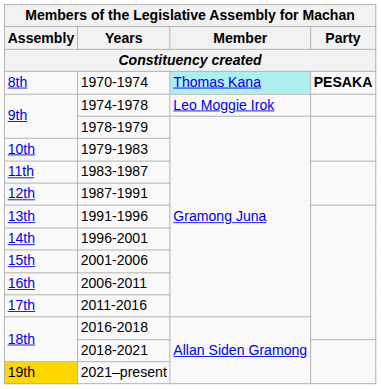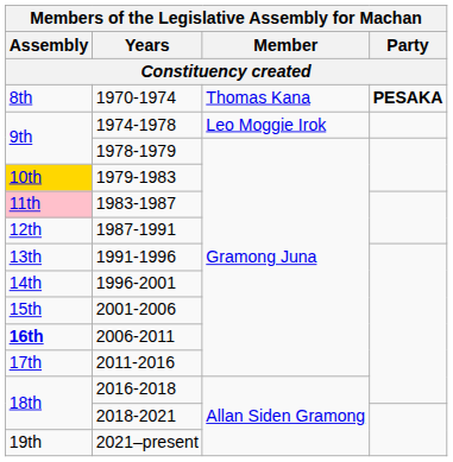 <table class=wikitable>
 <tr>
 <th colspan="4">Members of the Legislative Assembly for Machan</th>
 </tr>
 <tr>
 <th>Assembly</th>
 <th>Years</th>
 <th>Member</th>
 <th>Party</th>
 </tr>
 <tr>
 <th colspan=4 align=center><em>Constituency created</em></th>
 </tr>
 <tr>
 <td><a href='#'>8th</a></td>
 <td>1970-1974</td>
-<td style="background: paleturquoise;"><a href='#'>Thomas Kana</a></td>
+<td><a href='#'>Thomas Kana</a></td>
 <td><strong>PESAKA</strong></td>
 </tr>
 <tr>
 <td rowspan=2><a href='#'>9th</a></td>
 <td>1974-1978</td>
 <td><a href='#'>Leo Moggie Irok</a></td>
 <td></td>
 </tr>
 <tr>
 <td>1978-1979</td>
 <td rowspan=9><a href='#'>Gramong Juna</a></td>
 <td rowspan=2></td>
 </tr>
 <tr>
-<td><a href='#'>10th</a></td>
+<td style="background: gold;"><a href='#'>10th</a></td>
 <td>1979-1983</td>
 </tr>
 <tr>
-<td><a href='#'>11th</a></td>
+<td style="background: pink;"><a href='#'>11th</a></td>
 <td>1983-1987</td>
 <td rowspan=2></td>
 </tr>
 <tr>
 <td><a href='#'>12th</a></td>
 <td>1987-1991</td>
 </tr>
 <tr>
 <td><a href='#'>13th</a></td>
 <td>1991-1996</td>
 <td rowspan=6></td>
 </tr>
 <tr>
 <td><a href='#'>14th</a></td>
 <td>1996-2001</td>
 </tr>
 <tr>
 <td><a href='#'>15th</a></td>
 <td>2001-2006</td>
 </tr>
 <tr>
-<td><a href='#'>16th</a></td>
+<td><strong><a href='#'>16th</a></strong></td>
 <td>2006-2011</td>
 </tr>
 <tr>
 <td><a href='#'>17th</a></td>
 <td>2011-2016</td>
 </tr>
 <tr>
 <td rowspan="2"><a href='#'>18th</a></td>
 <td>2016-2018</td>
 <td rowspan="3"><a href='#'>Allan Siden Gramong</a></td>
 </tr>
 <tr>
 <td>2018-2021</td>
 <td rowspan=2></td>
 </tr>
 <tr>
-<td style="background: gold;">19th</td>
+<td>19th</td>
 <td>2021–present</td>
 </tr>
 </table>
